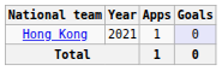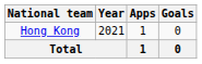 <table class="wikitable" style="text-align:center">
 <tr>
 <th>National team</th>
 <th>Year</th>
 <th>Apps</th>
 <th>Goals</th>
 </tr>
 <tr>
 <td rowspan="1"><a href='#'>Hong Kong</a></td>
 <td>2021</td>
 <td>1</td>
-<td style="background: lavender;">0</td>
+<td>0</td>
 </tr>
 <tr>
 <th colspan=2>Total</th>
 <th>1</th>
 <th>0</th>
 </tr>
 </table>
